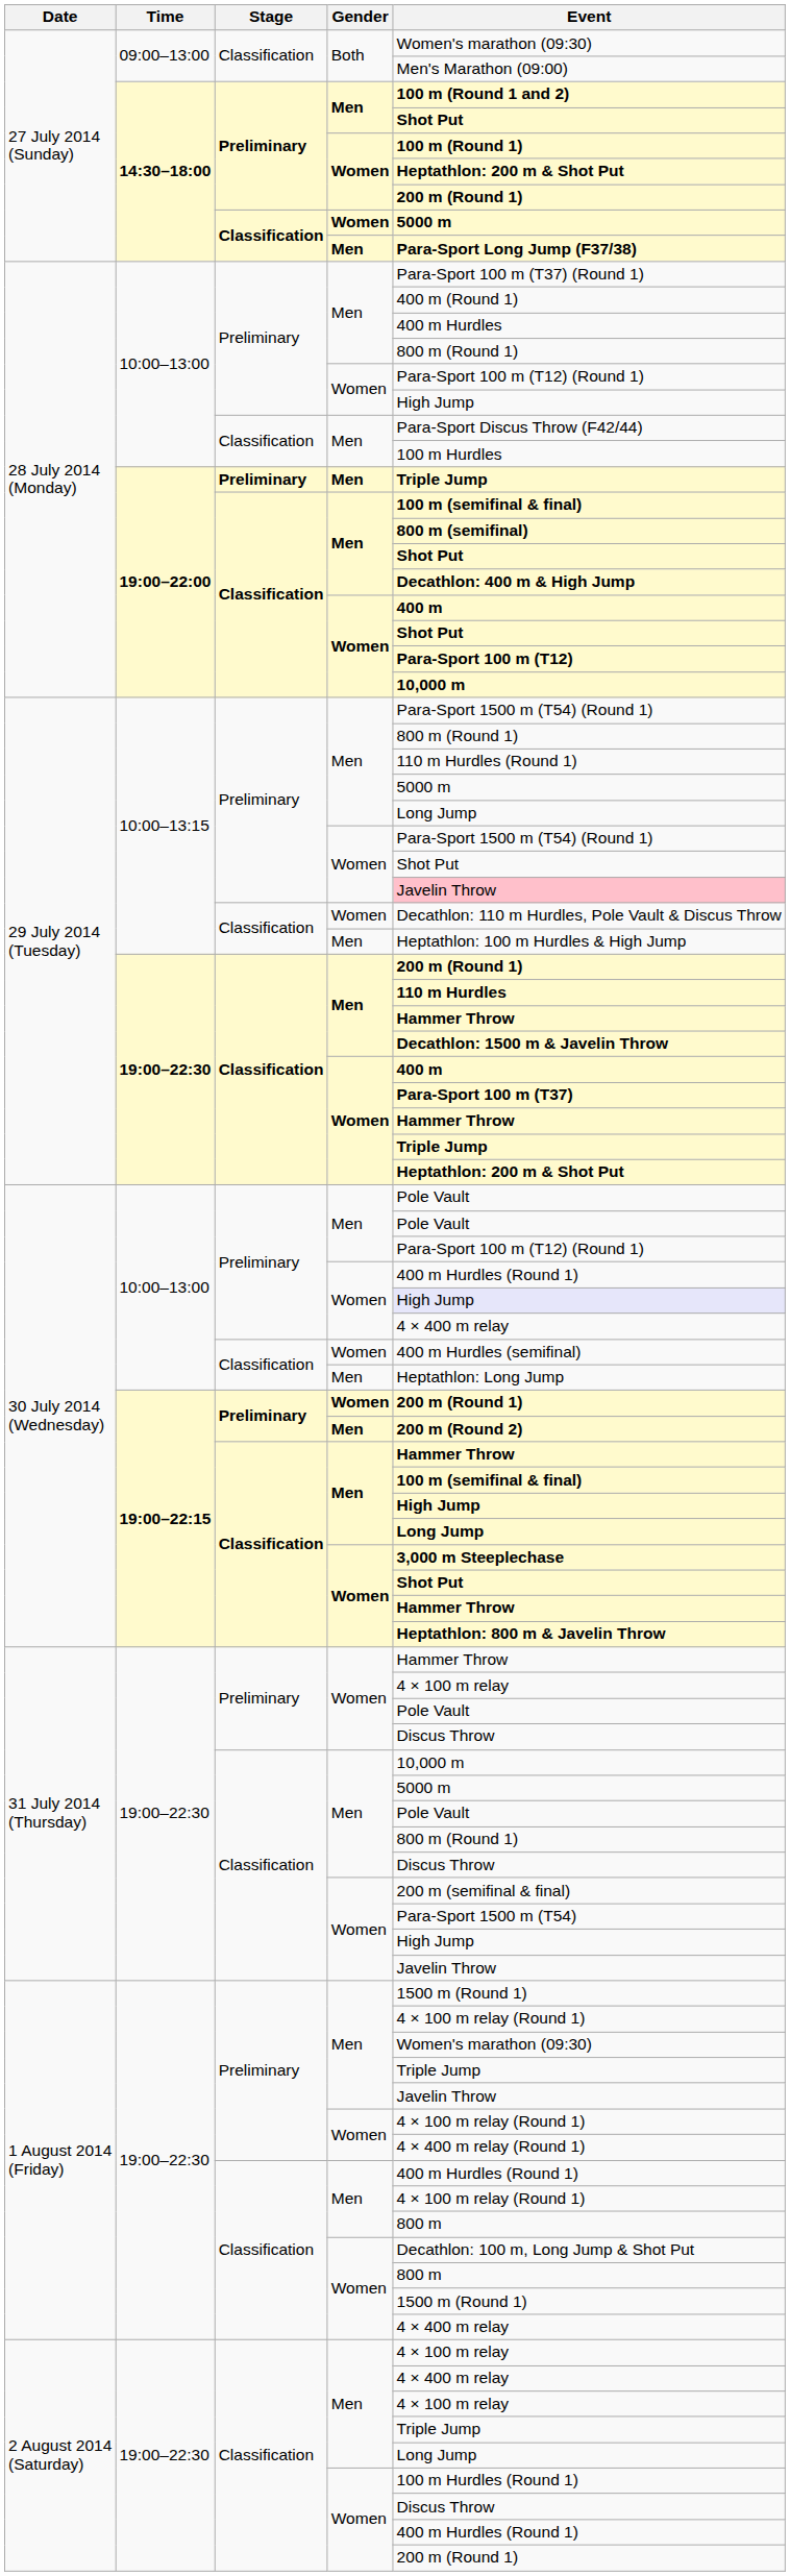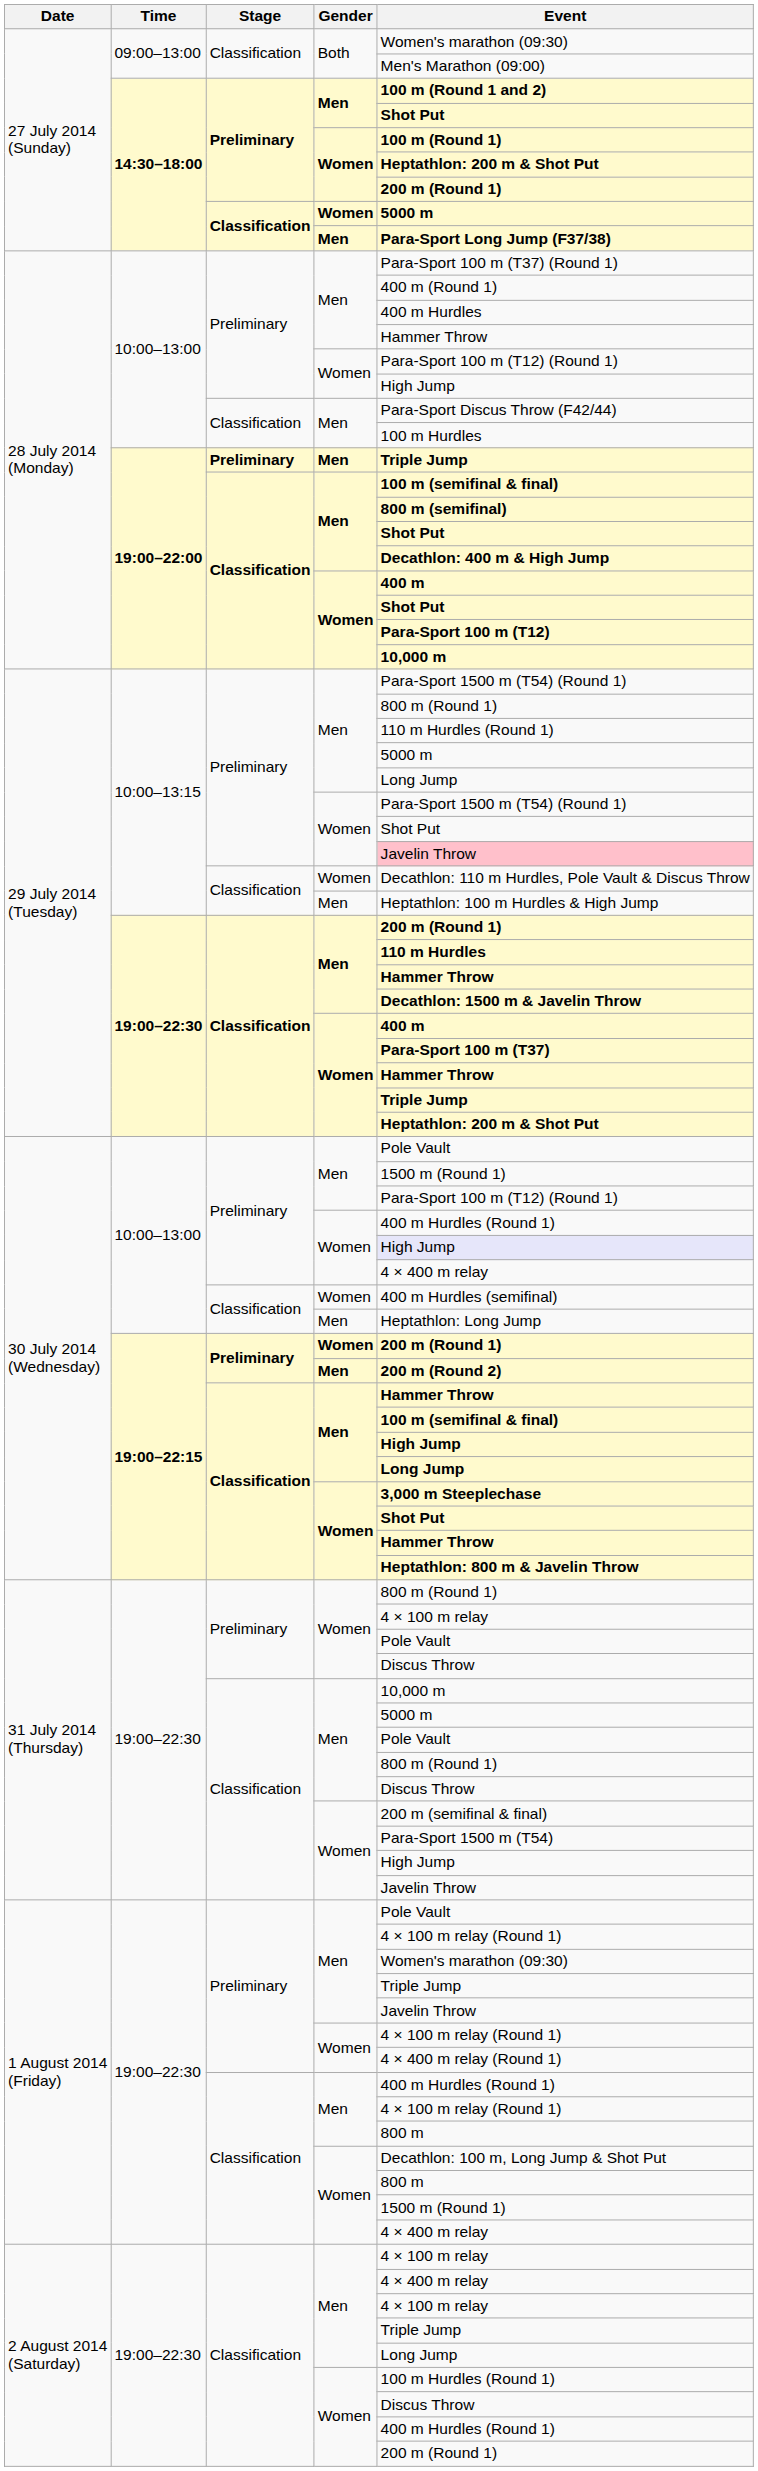 <table class=wikitable>
 <tr>
 <th>Date</th>
 <th>Time</th>
 <th>Stage</th>
 <th>Gender</th>
 <th>Event</th>
 </tr>
 <tr>
 <td rowspan="9">27 July 2014<br>(Sunday)</td>
 <td rowspan="2">09:00–13:00</td>
 <td rowspan="2">Classification</td>
 <td rowspan="2">Both</td>
 <td>Women's marathon (09:30)</td>
 </tr>
 <tr>
 <td>Men's Marathon (09:00)</td>
 </tr>
 <tr>
 <td rowspan="7" style=background:lemonchiffon><strong>14:30–18:00</strong></td>
 <td rowspan="5" style=background:lemonchiffon><strong>Preliminary</strong></td>
 <td rowspan="2" style=background:lemonchiffon><strong>Men</strong></td>
 <td style=background:lemonchiffon><strong>100 m (Round 1 and 2)</strong></td>
 </tr>
 <tr>
 <td style=background:lemonchiffon><strong>Shot Put</strong></td>
 </tr>
 <tr>
 <td rowspan="3" style=background:lemonchiffon><strong>Women</strong></td>
 <td style=background:lemonchiffon><strong>100 m (Round 1)</strong></td>
 </tr>
 <tr>
 <td style=background:lemonchiffon><strong>Heptathlon: 200 m & Shot Put</strong></td>
 </tr>
 <tr>
 <td style=background:lemonchiffon><strong>200 m (Round 1)</strong></td>
 </tr>
 <tr>
 <td rowspan="2" style=background:lemonchiffon><strong>Classification</strong></td>
 <td style=background:lemonchiffon><strong>Women</strong></td>
 <td style=background:lemonchiffon><strong>5000 m</strong></td>
 </tr>
 <tr>
 <td style=background:lemonchiffon><strong>Men</strong></td>
 <td style=background:lemonchiffon><strong>Para-Sport Long Jump (F37/38)</strong></td>
 </tr>
 <tr>
 <td rowspan="17">28 July 2014<br>(Monday)</td>
 <td rowspan="8">10:00–13:00</td>
 <td rowspan="6">Preliminary</td>
 <td rowspan="4">Men</td>
 <td>Para-Sport 100 m (T37) (Round 1)</td>
 </tr>
 <tr>
 <td>400 m (Round 1)</td>
 </tr>
 <tr>
 <td>400 m Hurdles</td>
 </tr>
 <tr>
-<td>800 m (Round 1)</td>
+<td>Hammer Throw</td>
 </tr>
 <tr>
 <td rowspan="2">Women</td>
 <td>Para-Sport 100 m (T12) (Round 1)</td>
 </tr>
 <tr>
 <td>High Jump</td>
 </tr>
 <tr>
 <td rowspan="2">Classification</td>
 <td rowspan="2">Men</td>
 <td>Para-Sport Discus Throw (F42/44)</td>
 </tr>
 <tr>
 <td>100 m Hurdles</td>
 </tr>
 <tr>
 <td rowspan="9" style=background:lemonchiffon><strong>19:00–22:00</strong></td>
 <td style=background:lemonchiffon><strong>Preliminary</strong></td>
 <td style=background:lemonchiffon><strong>Men</strong></td>
 <td style=background:lemonchiffon><strong>Triple Jump</strong></td>
 </tr>
 <tr>
 <td rowspan="8" style=background:lemonchiffon><strong>Classification</strong></td>
 <td rowspan="4" style=background:lemonchiffon><strong>Men</strong></td>
 <td style=background:lemonchiffon><strong>100 m (semifinal & final)</strong></td>
 </tr>
 <tr>
 <td style=background:lemonchiffon><strong>800 m (semifinal)</strong></td>
 </tr>
 <tr>
 <td style=background:lemonchiffon><strong>Shot Put</strong></td>
 </tr>
 <tr>
 <td style=background:lemonchiffon><strong>Decathlon: 400 m & High Jump</strong></td>
 </tr>
 <tr>
 <td rowspan="4" style=background:lemonchiffon><strong>Women</strong></td>
 <td style=background:lemonchiffon><strong>400 m</strong></td>
 </tr>
 <tr>
 <td style=background:lemonchiffon><strong>Shot Put</strong></td>
 </tr>
 <tr>
 <td style=background:lemonchiffon><strong>Para-Sport 100 m (T12)</strong></td>
 </tr>
 <tr>
 <td style=background:lemonchiffon><strong>10,000 m</strong></td>
 </tr>
 <tr>
 <td rowspan="19">29 July 2014<br>(Tuesday)</td>
 <td rowspan="10">10:00–13:15</td>
 <td rowspan="8">Preliminary</td>
 <td rowspan="5">Men</td>
 <td>Para-Sport 1500 m (T54) (Round 1)</td>
 </tr>
 <tr>
 <td>800 m (Round 1)</td>
 </tr>
 <tr>
 <td>110 m Hurdles (Round 1)</td>
 </tr>
 <tr>
 <td>5000 m</td>
 </tr>
 <tr>
 <td>Long Jump</td>
 </tr>
 <tr>
 <td rowspan="3">Women</td>
 <td>Para-Sport 1500 m (T54) (Round 1)</td>
 </tr>
 <tr>
 <td>Shot Put</td>
 </tr>
 <tr>
 <td style="background: pink;">Javelin Throw</td>
 </tr>
 <tr>
 <td rowspan="2">Classification</td>
 <td>Women</td>
 <td>Decathlon: 110 m Hurdles, Pole Vault & Discus Throw</td>
 </tr>
 <tr>
 <td>Men</td>
 <td>Heptathlon: 100 m Hurdles & High Jump</td>
 </tr>
 <tr>
 <td rowspan="9" style=background:lemonchiffon><strong>19:00–22:30</strong></td>
 <td rowspan="9" style=background:lemonchiffon><strong>Classification</strong></td>
 <td rowspan="4" style=background:lemonchiffon><strong>Men</strong></td>
 <td style=background:lemonchiffon><strong>200 m (Round 1)</strong></td>
 </tr>
 <tr>
 <td style=background:lemonchiffon><strong>110 m Hurdles</strong></td>
 </tr>
 <tr>
 <td style=background:lemonchiffon><strong>Hammer Throw</strong></td>
 </tr>
 <tr>
 <td style=background:lemonchiffon><strong>Decathlon: 1500 m & Javelin Throw</strong></td>
 </tr>
 <tr>
 <td rowspan="5" style=background:lemonchiffon><strong>Women</strong></td>
 <td style=background:lemonchiffon><strong>400 m</strong></td>
 </tr>
 <tr>
 <td style=background:lemonchiffon><strong>Para-Sport 100 m (T37)</strong></td>
 </tr>
 <tr>
 <td style=background:lemonchiffon><strong>Hammer Throw</strong></td>
 </tr>
 <tr>
 <td style=background:lemonchiffon><strong>Triple Jump</strong></td>
 </tr>
 <tr>
 <td style=background:lemonchiffon><strong>Heptathlon: 200 m & Shot Put</strong></td>
 </tr>
 <tr>
 <td rowspan="18">30 July 2014<br>(Wednesday)</td>
 <td rowspan="8">10:00–13:00</td>
 <td rowspan="6">Preliminary</td>
 <td rowspan="3">Men</td>
 <td>Pole Vault</td>
 </tr>
 <tr>
-<td>Pole Vault</td>
+<td>1500 m (Round 1)</td>
 </tr>
 <tr>
 <td>Para-Sport 100 m (T12) (Round 1)</td>
 </tr>
 <tr>
 <td rowspan="3">Women</td>
 <td>400 m Hurdles (Round 1)</td>
 </tr>
 <tr>
 <td style="background: lavender;">High Jump</td>
 </tr>
 <tr>
 <td>4 × 400 m relay</td>
 </tr>
 <tr>
 <td rowspan="2">Classification</td>
 <td>Women</td>
 <td>400 m Hurdles (semifinal)</td>
 </tr>
 <tr>
 <td>Men</td>
 <td>Heptathlon: Long Jump</td>
 </tr>
 <tr>
 <td rowspan="10" style=background:lemonchiffon><strong>19:00–22:15</strong></td>
 <td rowspan="2" style=background:lemonchiffon><strong>Preliminary</strong></td>
 <td style=background:lemonchiffon><strong>Women</strong></td>
 <td style=background:lemonchiffon><strong>200 m (Round 1)</strong></td>
 </tr>
 <tr>
 <td style=background:lemonchiffon><strong>Men</strong></td>
 <td style=background:lemonchiffon><strong>200 m (Round 2)</strong></td>
 </tr>
 <tr>
 <td rowspan="8" style=background:lemonchiffon><strong>Classification</strong></td>
 <td rowspan="4" style=background:lemonchiffon><strong>Men</strong></td>
 <td style=background:lemonchiffon><strong>Hammer Throw</strong></td>
 </tr>
 <tr>
 <td style=background:lemonchiffon><strong>100 m (semifinal & final)</strong></td>
 </tr>
 <tr>
 <td style=background:lemonchiffon><strong>High Jump</strong></td>
 </tr>
 <tr>
 <td style=background:lemonchiffon><strong>Long Jump</strong></td>
 </tr>
 <tr>
 <td rowspan="4" style=background:lemonchiffon><strong>Women</strong></td>
 <td style=background:lemonchiffon><strong>3,000 m Steeplechase</strong></td>
 </tr>
 <tr>
 <td style=background:lemonchiffon><strong>Shot Put</strong></td>
 </tr>
 <tr>
 <td style=background:lemonchiffon><strong>Hammer Throw</strong></td>
 </tr>
 <tr>
 <td style=background:lemonchiffon><strong>Heptathlon: 800 m & Javelin Throw</strong></td>
 </tr>
 <tr>
 <td rowspan="13">31 July 2014<br>(Thursday)</td>
 <td rowspan="13">19:00–22:30</td>
 <td rowspan="4">Preliminary</td>
 <td rowspan="4">Women</td>
-<td>Hammer Throw</td>
+<td>800 m (Round 1)</td>
 </tr>
 <tr>
 <td>4 × 100 m relay</td>
 </tr>
 <tr>
 <td>Pole Vault</td>
 </tr>
 <tr>
 <td>Discus Throw</td>
 </tr>
 <tr>
 <td rowspan="9">Classification</td>
 <td rowspan="5">Men</td>
 <td>10,000 m</td>
 </tr>
 <tr>
 <td>5000 m</td>
 </tr>
 <tr>
 <td>Pole Vault</td>
 </tr>
 <tr>
 <td>800 m (Round 1)</td>
 </tr>
 <tr>
 <td>Discus Throw</td>
 </tr>
 <tr>
 <td rowspan="4">Women</td>
 <td>200 m (semifinal & final)</td>
 </tr>
 <tr>
 <td>Para-Sport 1500 m (T54)</td>
 </tr>
 <tr>
 <td>High Jump</td>
 </tr>
 <tr>
 <td>Javelin Throw</td>
 </tr>
 <tr>
 <td rowspan="14">1 August 2014<br>(Friday)</td>
 <td rowspan="14">19:00–22:30</td>
 <td rowspan="7">Preliminary</td>
 <td rowspan="5">Men</td>
-<td>1500 m (Round 1)</td>
+<td>Pole Vault</td>
 </tr>
 <tr>
 <td>4 × 100 m relay (Round 1)</td>
 </tr>
 <tr>
 <td>Women's marathon (09:30)</td>
 </tr>
 <tr>
 <td>Triple Jump</td>
 </tr>
 <tr>
 <td>Javelin Throw</td>
 </tr>
 <tr>
 <td rowspan="2">Women</td>
 <td>4 × 100 m relay (Round 1)</td>
 </tr>
 <tr>
 <td>4 × 400 m relay (Round 1)</td>
 </tr>
 <tr>
 <td rowspan="7">Classification</td>
 <td rowspan="3">Men</td>
 <td>400 m Hurdles (Round 1)</td>
 </tr>
 <tr>
 <td>4 × 100 m relay (Round 1)</td>
 </tr>
 <tr>
 <td>800 m</td>
 </tr>
 <tr>
 <td rowspan="4">Women</td>
 <td>Decathlon: 100 m, Long Jump & Shot Put</td>
 </tr>
 <tr>
 <td>800 m</td>
 </tr>
 <tr>
 <td>1500 m (Round 1)</td>
 </tr>
 <tr>
 <td>4 × 400 m relay</td>
 </tr>
 <tr>
 <td rowspan="9">2 August 2014<br>(Saturday)</td>
 <td rowspan="9">19:00–22:30</td>
 <td rowspan="9">Classification</td>
 <td rowspan="5">Men</td>
 <td>4 × 100 m relay</td>
 </tr>
 <tr>
 <td>4 × 400 m relay</td>
 </tr>
 <tr>
 <td>4 × 100 m relay</td>
 </tr>
 <tr>
 <td>Triple Jump</td>
 </tr>
 <tr>
 <td>Long Jump</td>
 </tr>
 <tr>
 <td rowspan="4">Women</td>
 <td>100 m Hurdles (Round 1)</td>
 </tr>
 <tr>
 <td>Discus Throw</td>
 </tr>
 <tr>
 <td>400 m Hurdles (Round 1)</td>
 </tr>
 <tr>
 <td>200 m (Round 1)</td>
 </tr>
 </table>
